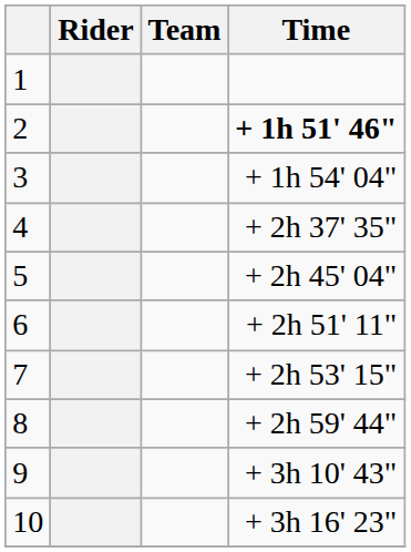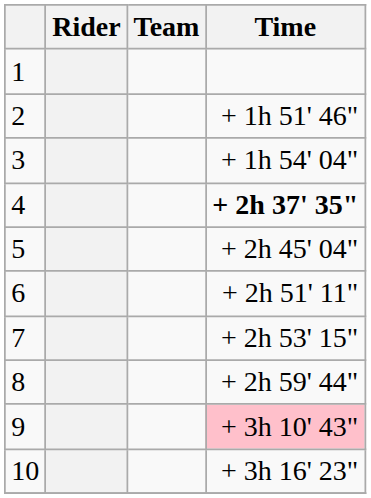 <table class="wikitable plainrowheaders">
 <tr>
 <th></th>
 <th>Rider</th>
 <th>Team</th>
 <th>Time</th>
 </tr>
 <tr>
 <td>1</td>
 <th scope="row"> </th>
 <td></td>
 <td align=right></td>
 </tr>
 <tr>
 <td>2</td>
 <th scope="row"></th>
 <td></td>
-<td align=right><strong>+ 1h 51' 46"</strong></td>
+<td align=right>+ 1h 51' 46"</td>
 </tr>
 <tr>
 <td>3</td>
 <th scope="row"></th>
 <td></td>
 <td align=right>+ 1h 54' 04"</td>
 </tr>
 <tr>
 <td>4</td>
 <th scope="row"></th>
 <td></td>
-<td align=right>+ 2h 37' 35"</td>
+<td align=right><strong>+ 2h 37' 35"</strong></td>
 </tr>
 <tr>
 <td>5</td>
 <th scope="row"></th>
 <td></td>
 <td align=right>+ 2h 45' 04"</td>
 </tr>
 <tr>
 <td>6</td>
 <th scope="row"></th>
 <td></td>
 <td align=right>+ 2h 51' 11"</td>
 </tr>
 <tr>
 <td>7</td>
 <th scope="row"></th>
 <td></td>
 <td align=right>+ 2h 53' 15"</td>
 </tr>
 <tr>
 <td>8</td>
 <th scope="row"></th>
 <td></td>
 <td align=right>+ 2h 59' 44"</td>
 </tr>
 <tr>
 <td>9</td>
 <th scope="row"></th>
 <td></td>
-<td align=right>+ 3h 10' 43"</td>
+<td align=right style="background: pink;">+ 3h 10' 43"</td>
 </tr>
 <tr>
 <td>10</td>
 <th scope="row"></th>
 <td></td>
 <td align=right>+ 3h 16' 23"</td>
 </tr>
 <tr>
 </tr>
 </table>
